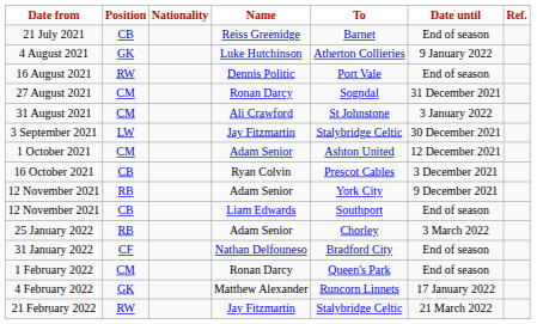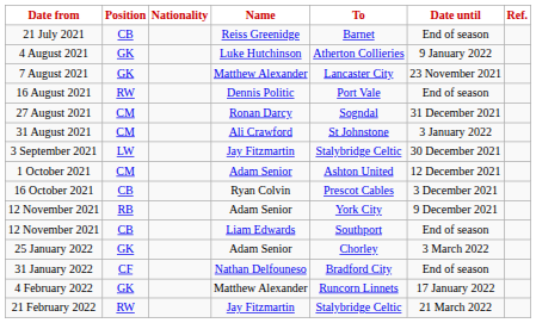 <table class="wikitable"  style="text-align:center; font-size:90%; ">
 <tr>
 <th style="background:#ffffff;color:#cc0000;">Date from</th>
 <th style="background:#ffffff;color:#cc0000;">Position</th>
 <th style="background:#ffffff;color:#cc0000;">Nationality</th>
 <th style="background:#ffffff;color:#cc0000;">Name</th>
 <th style="background:#ffffff;color:#cc0000;">To</th>
 <th style="background:#ffffff;color:#cc0000;">Date until</th>
 <th style="background:#ffffff;color:#cc0000;">Ref.</th>
 </tr>
 <tr>
 <td>21 July 2021</td>
 <td><a href='#'>CB</a></td>
 <td></td>
 <td><a href='#'>Reiss Greenidge</a></td>
 <td> <a href='#'>Barnet</a></td>
 <td>End of season</td>
 <td></td>
 </tr>
 <tr>
 <td>4 August 2021</td>
 <td><a href='#'>GK</a></td>
 <td></td>
 <td><a href='#'>Luke Hutchinson</a></td>
 <td> <a href='#'>Atherton Collieries</a></td>
 <td>9 January 2022</td>
+<td></td>
+</tr>
+<tr>
+<td>7 August 2021</td>
+<td><a href='#'>GK</a></td>
+<td></td>
+<td><a href='#'>Matthew Alexander</a></td>
+<td> <a href='#'>Lancaster City</a></td>
+<td>23 November 2021</td>
 <td></td>
 </tr>
 <tr>
 <td>16 August 2021</td>
 <td><a href='#'>RW</a></td>
 <td></td>
 <td><a href='#'>Dennis Politic</a></td>
 <td> <a href='#'>Port Vale</a></td>
 <td>End of season</td>
 <td></td>
 </tr>
 <tr>
 <td>27 August 2021</td>
 <td><a href='#'>CM</a></td>
 <td></td>
 <td><a href='#'>Ronan Darcy</a></td>
 <td> <a href='#'>Sogndal</a></td>
 <td>31 December 2021</td>
 <td></td>
 </tr>
 <tr>
 <td>31 August 2021</td>
 <td><a href='#'>CM</a></td>
 <td></td>
 <td><a href='#'>Ali Crawford</a></td>
 <td> <a href='#'>St Johnstone</a></td>
 <td>3 January 2022</td>
 <td></td>
 </tr>
 <tr>
 <td>3 September 2021</td>
 <td><a href='#'>LW</a></td>
 <td></td>
 <td><a href='#'>Jay Fitzmartin</a></td>
 <td> <a href='#'>Stalybridge Celtic</a></td>
 <td>30 December 2021</td>
 <td></td>
 </tr>
 <tr>
 <td>1 October 2021</td>
 <td><a href='#'>CM</a></td>
 <td></td>
 <td><a href='#'>Adam Senior</a></td>
 <td> <a href='#'>Ashton United</a></td>
 <td>12 December 2021</td>
 <td></td>
 </tr>
 <tr>
 <td>16 October 2021</td>
 <td><a href='#'>CB</a></td>
 <td></td>
 <td>Ryan Colvin</td>
 <td> <a href='#'>Prescot Cables</a></td>
 <td>3 December 2021</td>
 <td></td>
 </tr>
 <tr>
 <td>12 November 2021</td>
 <td><a href='#'>RB</a></td>
 <td></td>
 <td>Adam Senior</td>
 <td> <a href='#'>York City</a></td>
 <td>9 December 2021</td>
 <td></td>
 </tr>
 <tr>
 <td>12 November 2021</td>
 <td><a href='#'>CB</a></td>
 <td></td>
 <td><a href='#'>Liam Edwards</a></td>
 <td> <a href='#'>Southport</a></td>
 <td>End of season</td>
 <td></td>
 </tr>
 <tr>
 <td>25 January 2022</td>
-<td><a href='#'>RB</a></td>
+<td><a href='#'>GK</a></td>
 <td></td>
 <td>Adam Senior</td>
 <td> <a href='#'>Chorley</a></td>
 <td>3 March 2022</td>
 <td></td>
 </tr>
 <tr>
 <td>31 January 2022</td>
 <td><a href='#'>CF</a></td>
 <td></td>
 <td><a href='#'>Nathan Delfouneso</a></td>
 <td> <a href='#'>Bradford City</a></td>
-<td>End of season</td>
-<td></td>
-</tr>
-<tr>
-<td>1 February 2022</td>
-<td><a href='#'>CM</a></td>
-<td></td>
-<td>Ronan Darcy</td>
-<td> <a href='#'>Queen's Park</a></td>
 <td>End of season</td>
 <td></td>
 </tr>
 <tr>
 <td>4 February 2022</td>
 <td><a href='#'>GK</a></td>
 <td></td>
 <td>Matthew Alexander</td>
 <td> <a href='#'>Runcorn Linnets</a></td>
 <td>17 January 2022</td>
 <td></td>
 </tr>
 <tr>
 <td>21 February 2022</td>
 <td><a href='#'>RW</a></td>
 <td></td>
 <td><a href='#'>Jay Fitzmartin</a></td>
 <td> <a href='#'>Stalybridge Celtic</a></td>
 <td>21 March 2022</td>
 <td></td>
 </tr>
 </table>
